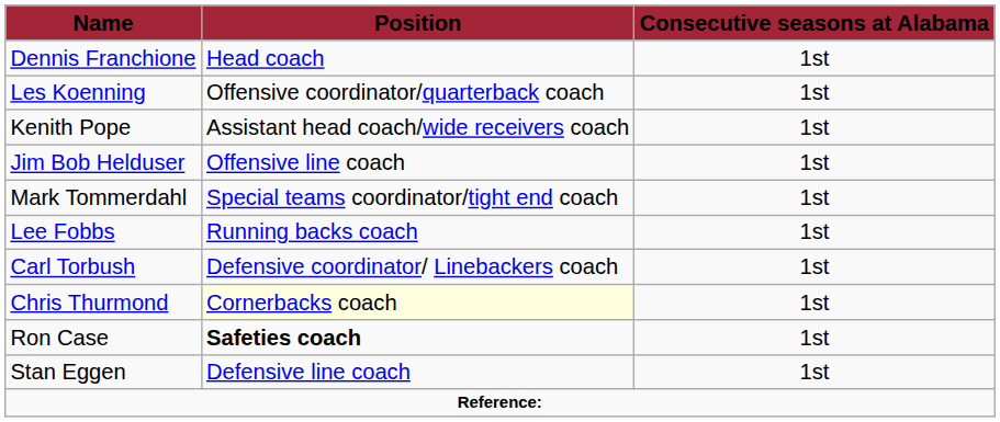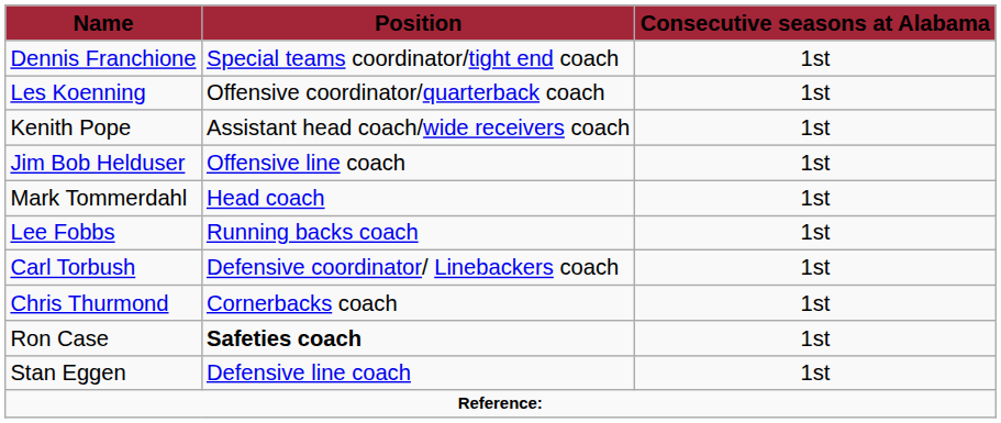 <table class="wikitable" style="font-size:90%;">
 <tr>
 <th style="background:#A32638;"><span>Name</span></th>
 <th style="background:#A32638;"><span>Position</span></th>
 <th style="background:#A32638;"><span>Consecutive seasons at Alabama </span></th>
 </tr>
 <tr>
 <td><a href='#'>Dennis Franchione</a></td>
-<td><a href='#'>Head coach</a></td>
+<td><a href='#'>Special teams</a> coordinator/<a href='#'>tight end</a> coach</td>
 <td align=center>1st</td>
 </tr>
 <tr>
 <td><a href='#'>Les Koenning</a></td>
 <td>Offensive coordinator/<a href='#'>quarterback</a> coach</td>
 <td align=center>1st</td>
 </tr>
 <tr>
 <td>Kenith Pope</td>
 <td>Assistant head coach/<a href='#'>wide receivers</a> coach</td>
 <td align=center>1st</td>
 </tr>
 <tr>
 <td><a href='#'>Jim Bob Helduser</a></td>
 <td><a href='#'>Offensive line</a> coach</td>
 <td align=center>1st</td>
 </tr>
 <tr>
 <td>Mark Tommerdahl</td>
-<td><a href='#'>Special teams</a> coordinator/<a href='#'>tight end</a> coach</td>
+<td><a href='#'>Head coach</a></td>
 <td align=center>1st</td>
 </tr>
 <tr>
 <td><a href='#'>Lee Fobbs</a></td>
 <td><a href='#'>Running backs coach</a></td>
 <td align=center>1st</td>
 </tr>
 <tr>
 <td><a href='#'>Carl Torbush</a></td>
 <td><a href='#'>Defensive coordinator</a>/ <a href='#'>Linebackers</a> coach</td>
 <td align=center>1st</td>
 </tr>
 <tr>
 <td><a href='#'>Chris Thurmond</a></td>
-<td style="background: lightyellow;"><a href='#'>Cornerbacks</a> coach</td>
+<td><a href='#'>Cornerbacks</a> coach</td>
 <td align=center>1st</td>
 </tr>
 <tr>
 <td>Ron Case</td>
 <td><strong>Safeties coach</strong></td>
 <td align=center>1st</td>
 </tr>
 <tr>
 <td>Stan Eggen</td>
 <td><a href='#'>Defensive line coach</a></td>
 <td align=center>1st</td>
 </tr>
 <tr>
 <td colspan="4"  style="font-size:8pt; text-align:center;"><strong>Reference:</strong></td>
 </tr>
 </table>
